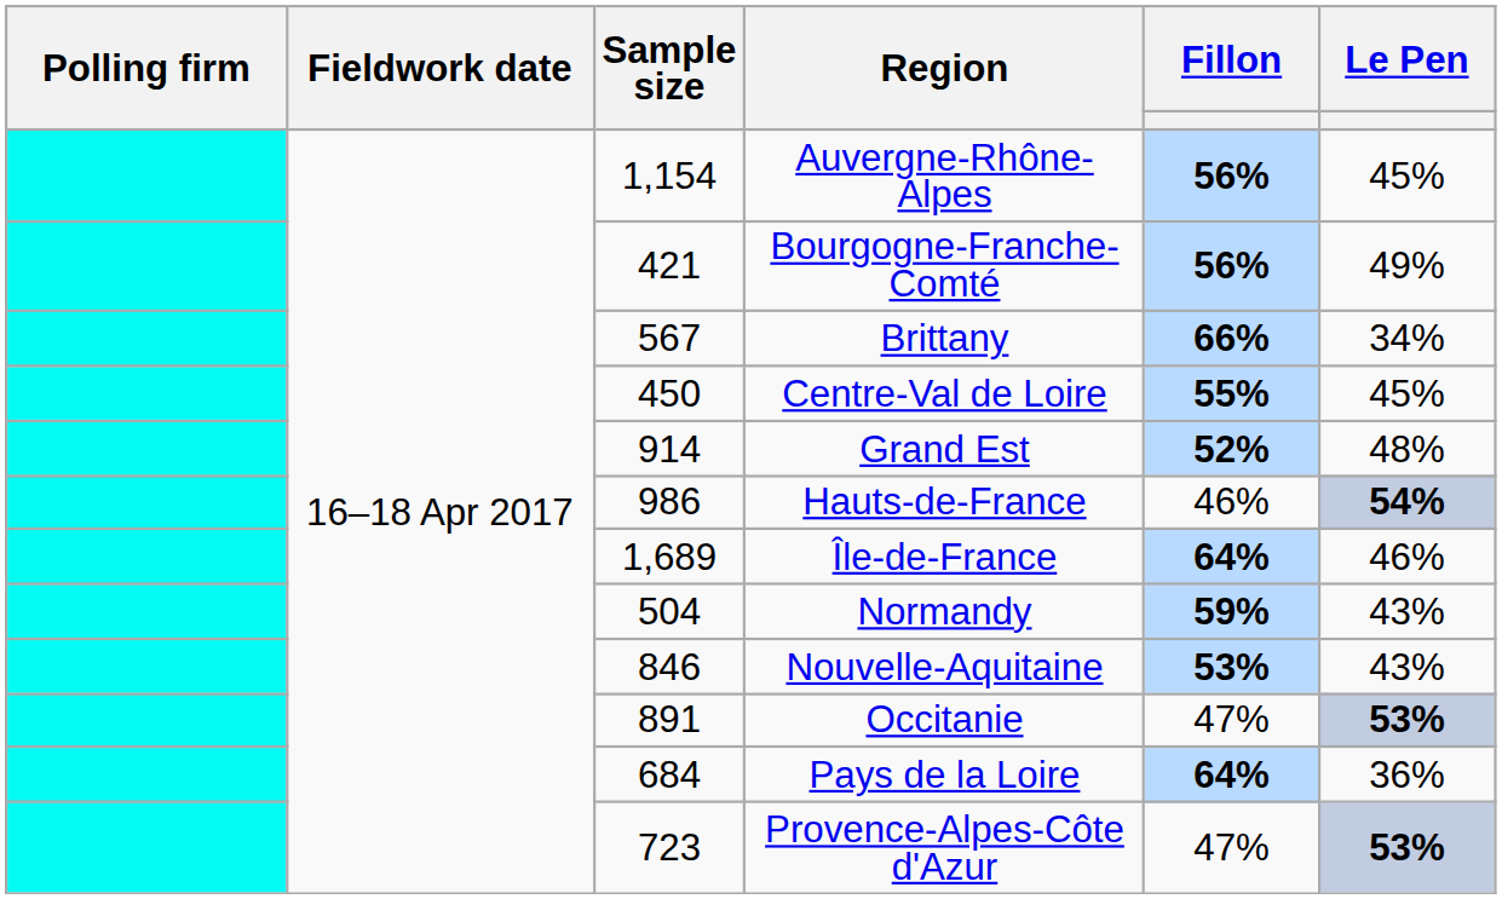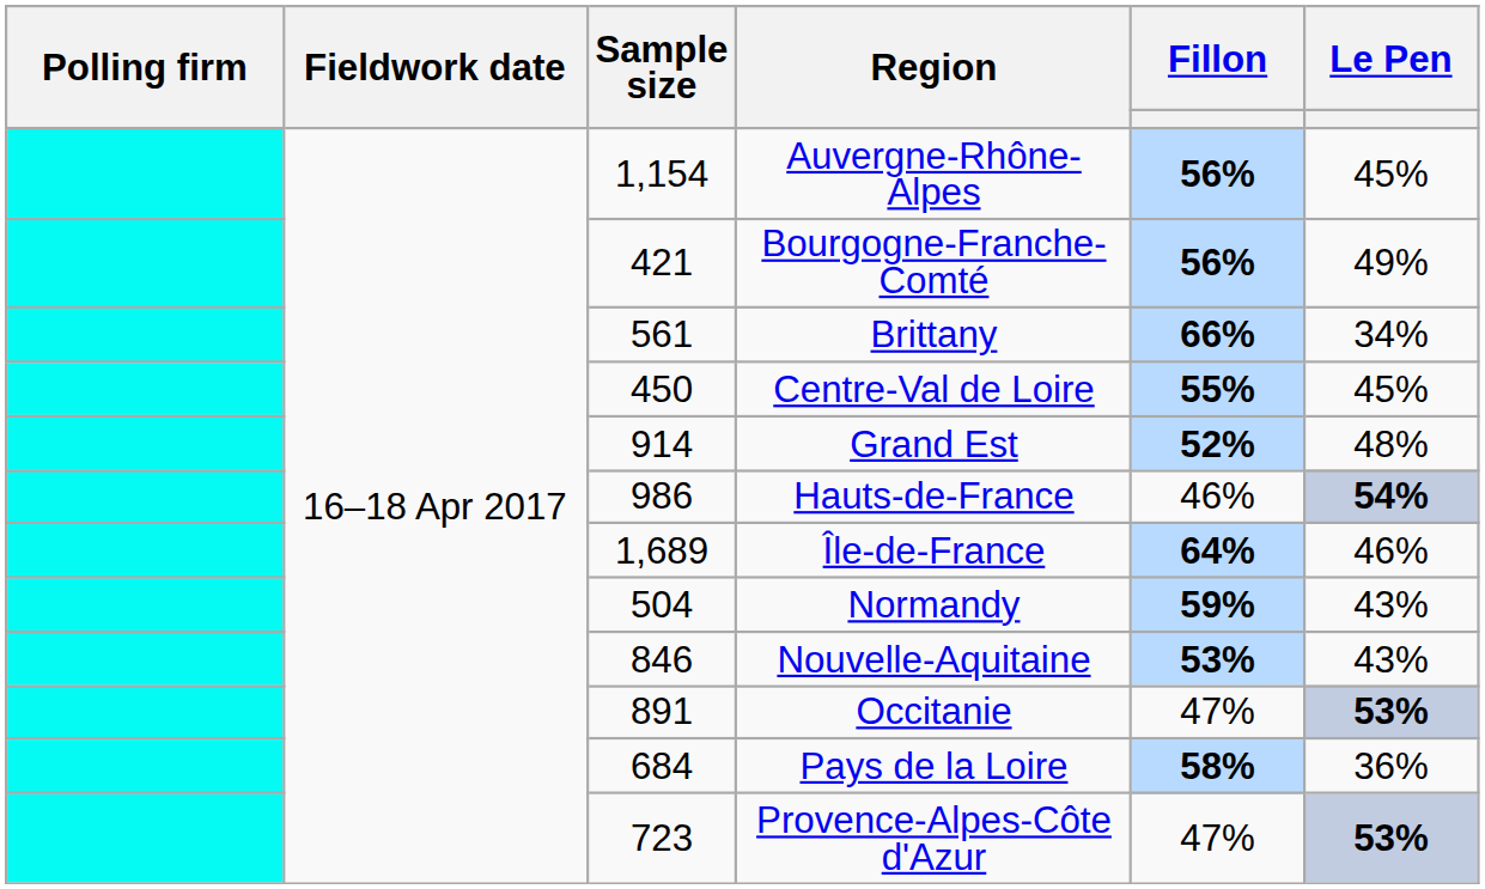 <table class="wikitable sortable" style="text-align:center;font-size:90%;line-height:14px;">
 <tr style="height:40px;">
 <th style="width:100px;" rowspan="2">Polling firm</th>
 <th style="width:110px;" rowspan="2">Fieldwork date</th>
 <th style="width:35px;" rowspan="2">Sample<br>size</th>
 <th style="width:145px;" rowspan="2">Region</th>
 <th class="unsortable" style="width:60px;"><a href='#'>Fillon</a><br></th>
 <th class="unsortable" style="width:60px;"><a href='#'>Le Pen</a><br></th>
 </tr>
 <tr>
 <th style="background:"></th>
 <th style="background:"></th>
 </tr>
 <tr>
 <td style="background:#04FBF4;"></td>
 <td rowspan="12" data-sort-value="2017-04-18">16–18 Apr 2017</td>
 <td>1,154</td>
 <td><a href='#'>Auvergne-Rhône-Alpes</a></td>
 <td style="background:#B9DAFF;"><strong>56%</strong></td>
 <td>45%</td>
 </tr>
 <tr>
 <td style="background:#04FBF4;"></td>
 <td>421</td>
 <td><a href='#'>Bourgogne-Franche-Comté</a></td>
 <td style="background:#B9DAFF;"><strong>56%</strong></td>
 <td>49%</td>
 </tr>
 <tr>
 <td style="background:#04FBF4;"></td>
-<td>567</td>
+<td>561</td>
 <td><a href='#'>Brittany</a></td>
 <td style="background:#B9DAFF;"><strong>66%</strong></td>
 <td>34%</td>
 </tr>
 <tr>
 <td style="background:#04FBF4;"></td>
 <td>450</td>
 <td><a href='#'>Centre-Val de Loire</a></td>
 <td style="background:#B9DAFF;"><strong>55%</strong></td>
 <td>45%</td>
 </tr>
 <tr>
 <td style="background:#04FBF4;"></td>
 <td>914</td>
 <td><a href='#'>Grand Est</a></td>
 <td style="background:#B9DAFF;"><strong>52%</strong></td>
 <td>48%</td>
 </tr>
 <tr>
 <td style="background:#04FBF4;"></td>
 <td>986</td>
 <td><a href='#'>Hauts-de-France</a></td>
 <td>46%</td>
 <td style="background:#C1CCE1;"><strong>54%</strong></td>
 </tr>
 <tr>
 <td style="background:#04FBF4;"></td>
 <td>1,689</td>
 <td><a href='#'>Île-de-France</a></td>
 <td style="background:#B9DAFF;"><strong>64%</strong></td>
 <td>46%</td>
 </tr>
 <tr>
 <td style="background:#04FBF4;"></td>
 <td>504</td>
 <td><a href='#'>Normandy</a></td>
 <td style="background:#B9DAFF;"><strong>59%</strong></td>
 <td>43%</td>
 </tr>
 <tr>
 <td style="background:#04FBF4;"></td>
 <td>846</td>
 <td><a href='#'>Nouvelle-Aquitaine</a></td>
 <td style="background:#B9DAFF;"><strong>53%</strong></td>
 <td>43%</td>
 </tr>
 <tr>
 <td style="background:#04FBF4;"></td>
 <td>891</td>
 <td><a href='#'>Occitanie</a></td>
 <td>47%</td>
 <td style="background:#C1CCE1;"><strong>53%</strong></td>
 </tr>
 <tr>
 <td style="background:#04FBF4;"></td>
 <td>684</td>
 <td><a href='#'>Pays de la Loire</a></td>
-<td style="background:#B9DAFF;"><strong>64%</strong></td>
+<td style="background:#B9DAFF;"><strong>58%</strong></td>
 <td>36%</td>
 </tr>
 <tr>
 <td style="background:#04FBF4;"></td>
 <td>723</td>
 <td><a href='#'>Provence-Alpes-Côte d'Azur</a></td>
 <td>47%</td>
 <td style="background:#C1CCE1;"><strong>53%</strong></td>
 </tr>
 </table>
